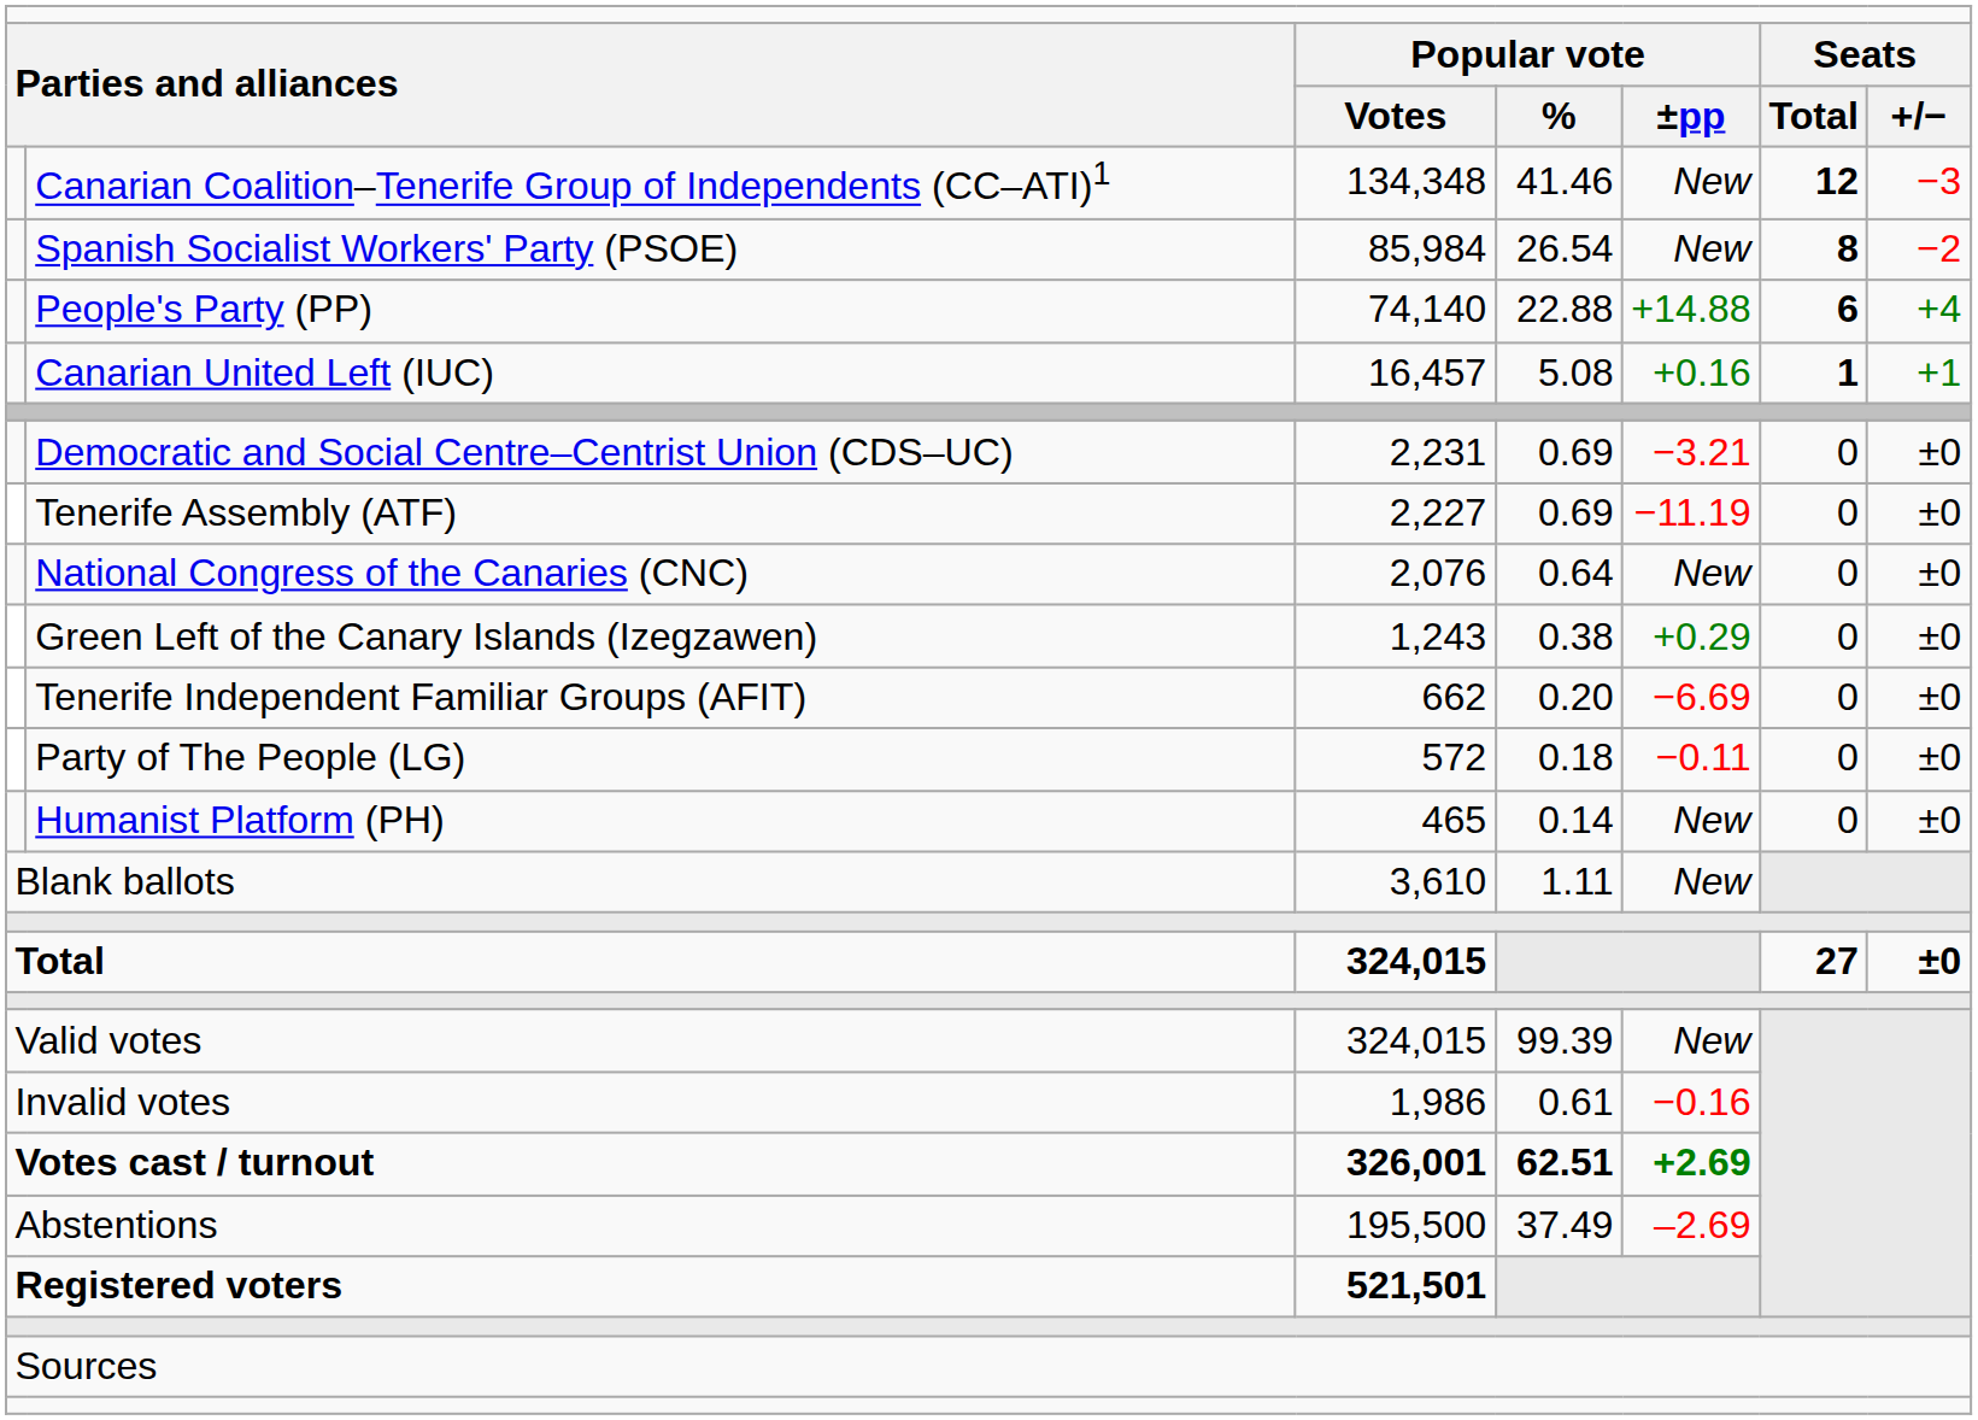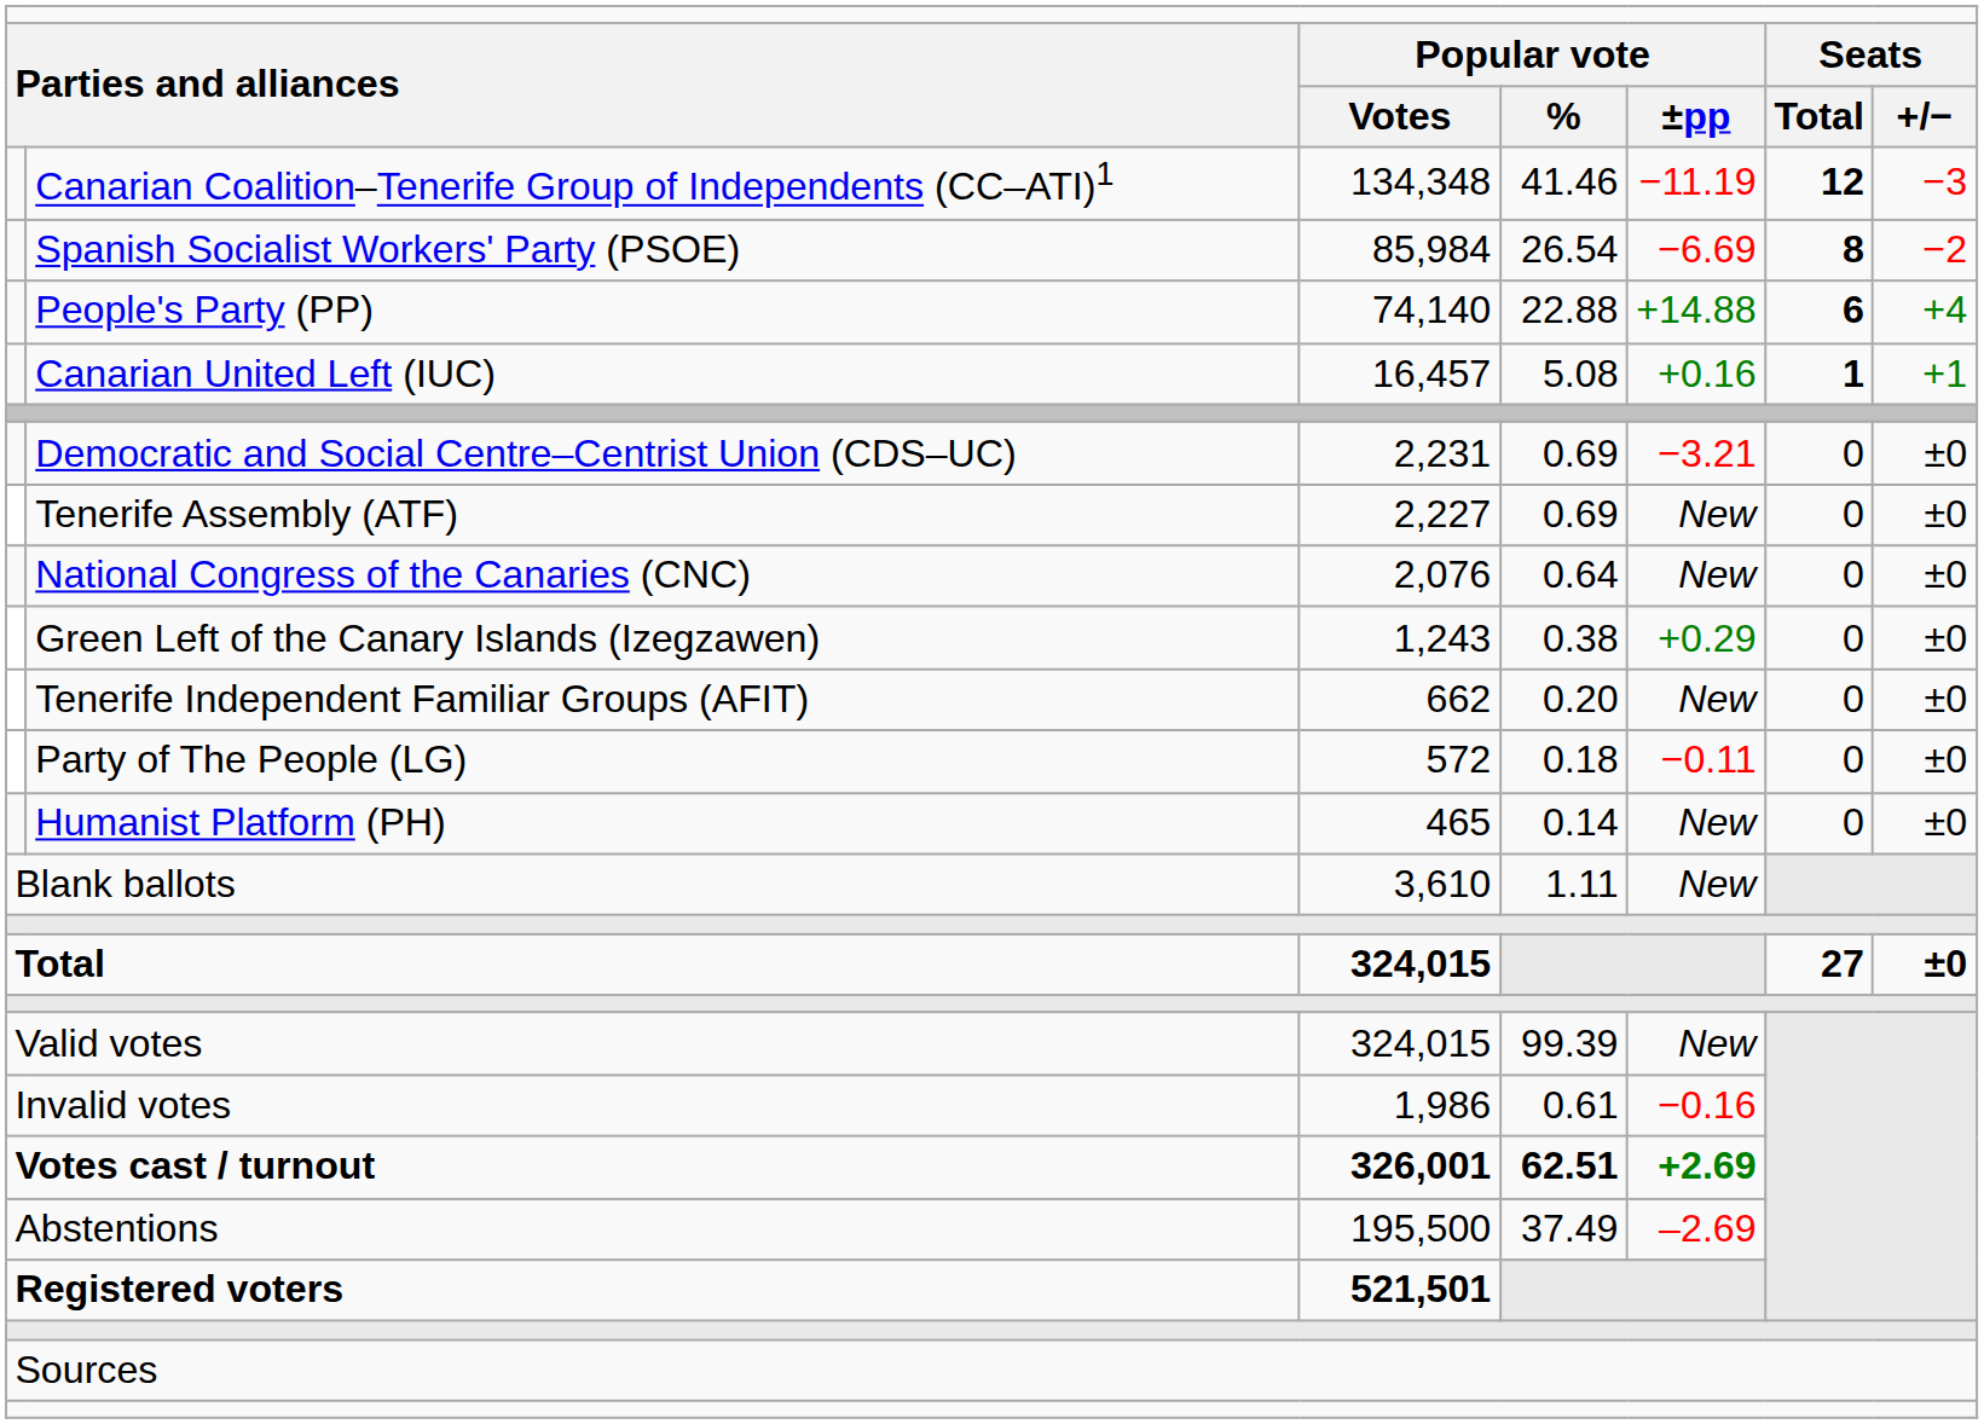 <table class="wikitable" style="text-align:right;">
 <tr>
 <td colspan="7"></td>
 </tr>
 <tr>
 <th style="text-align:left;" rowspan="2" colspan="2" width="525">Parties and alliances</th>
 <th colspan="3">Popular vote</th>
 <th colspan="2">Seats</th>
 </tr>
 <tr>
 <th width="75">Votes</th>
 <th width="45">%</th>
 <th width="45">±<a href='#'>pp</a></th>
 <th width="35">Total</th>
 <th width="35">+/−</th>
 </tr>
 <tr>
 <td width="1" style="color:inherit;background:"></td>
 <td align="left"><a href='#'>Canarian Coalition</a>–<a href='#'>Tenerife Group of Independents</a> (CC–ATI)<sup>1</sup></td>
 <td>134,348</td>
 <td>41.46</td>
-<td><em>New</em></td>
+<td style="color:red;">−11.19</td>
 <td><strong>12</strong></td>
 <td style="color:red;">−3</td>
 </tr>
 <tr>
 <td style="color:inherit;background:"></td>
 <td align="left"><a href='#'>Spanish Socialist Workers' Party</a> (PSOE)</td>
 <td>85,984</td>
 <td>26.54</td>
-<td><em>New</em></td>
+<td style="color:red;">−6.69</td>
 <td><strong>8</strong></td>
 <td style="color:red;">−2</td>
 </tr>
 <tr>
 <td style="color:inherit;background:"></td>
 <td align="left"><a href='#'>People's Party</a> (PP)</td>
 <td>74,140</td>
 <td>22.88</td>
 <td style="color:green;">+14.88</td>
 <td><strong>6</strong></td>
 <td style="color:green;">+4</td>
 </tr>
 <tr>
 <td style="color:inherit;background:"></td>
 <td align="left"><a href='#'>Canarian United Left</a> (IUC)</td>
 <td>16,457</td>
 <td>5.08</td>
 <td style="color:green;">+0.16</td>
 <td><strong>1</strong></td>
 <td style="color:green;">+1</td>
 </tr>
 <tr>
 <td colspan="7" bgcolor="#C0C0C0"></td>
 </tr>
 <tr>
 <td style="color:inherit;background:"></td>
 <td align="left"><a href='#'>Democratic and Social Centre–Centrist Union</a> (CDS–UC)</td>
 <td>2,231</td>
 <td>0.69</td>
 <td style="color:red;">−3.21</td>
 <td>0</td>
 <td>±0</td>
 </tr>
 <tr>
 <td bgcolor="white"></td>
 <td align="left">Tenerife Assembly (ATF)</td>
 <td>2,227</td>
 <td>0.69</td>
-<td style="color:red;">−11.19</td>
+<td><em>New</em></td>
 <td>0</td>
 <td>±0</td>
 </tr>
 <tr>
 <td style="color:inherit;background:"></td>
 <td align="left"><a href='#'>National Congress of the Canaries</a> (CNC)</td>
 <td>2,076</td>
 <td>0.64</td>
 <td><em>New</em></td>
 <td>0</td>
 <td>±0</td>
 </tr>
 <tr>
 <td bgcolor="white"></td>
 <td align="left">Green Left of the Canary Islands (Izegzawen)</td>
 <td>1,243</td>
 <td>0.38</td>
 <td style="color:green;">+0.29</td>
 <td>0</td>
 <td>±0</td>
 </tr>
 <tr>
 <td bgcolor="white"></td>
 <td align="left">Tenerife Independent Familiar Groups (AFIT)</td>
 <td>662</td>
 <td>0.20</td>
-<td style="color:red;">−6.69</td>
+<td><em>New</em></td>
 <td>0</td>
 <td>±0</td>
 </tr>
 <tr>
 <td bgcolor="white"></td>
 <td align="left">Party of The People (LG)</td>
 <td>572</td>
 <td>0.18</td>
 <td style="color:red;">−0.11</td>
 <td>0</td>
 <td>±0</td>
 </tr>
 <tr>
 <td style="color:inherit;background:"></td>
 <td align="left"><a href='#'>Humanist Platform</a> (PH)</td>
 <td>465</td>
 <td>0.14</td>
 <td><em>New</em></td>
 <td>0</td>
 <td>±0</td>
 </tr>
 <tr>
 <td align="left" colspan="2">Blank ballots</td>
 <td>3,610</td>
 <td>1.11</td>
 <td><em>New</em></td>
 <td bgcolor="#E9E9E9" colspan="2"></td>
 </tr>
 <tr>
 <td colspan="7" bgcolor="#E9E9E9"></td>
 </tr>
 <tr style="font-weight:bold;">
 <td align="left" colspan="2">Total</td>
 <td>324,015</td>
 <td bgcolor="#E9E9E9" colspan="2"></td>
 <td>27</td>
 <td>±0</td>
 </tr>
 <tr>
 <td colspan="7" bgcolor="#E9E9E9"></td>
 </tr>
 <tr>
 <td align="left" colspan="2">Valid votes</td>
 <td>324,015</td>
 <td>99.39</td>
 <td><em>New</em></td>
 <td bgcolor="#E9E9E9" colspan="2" rowspan="5"></td>
 </tr>
 <tr>
 <td align="left" colspan="2">Invalid votes</td>
 <td>1,986</td>
 <td>0.61</td>
 <td style="color:red;">−0.16</td>
 </tr>
 <tr style="font-weight:bold;">
 <td align="left" colspan="2">Votes cast / turnout</td>
 <td>326,001</td>
 <td>62.51</td>
 <td style="color:green;">+2.69</td>
 </tr>
 <tr>
 <td align="left" colspan="2">Abstentions</td>
 <td>195,500</td>
 <td>37.49</td>
 <td style="color:red;">–2.69</td>
 </tr>
 <tr style="font-weight:bold;">
 <td align="left" colspan="2">Registered voters</td>
 <td>521,501</td>
 <td bgcolor="#E9E9E9" colspan="2"></td>
 </tr>
 <tr>
 <td colspan="7" bgcolor="#E9E9E9"></td>
 </tr>
 <tr>
 <td align="left" colspan="7">Sources</td>
 </tr>
 <tr>
 <td colspan="7" style="text-align:left; max-width:790px;"></td>
 </tr>
 </table>
